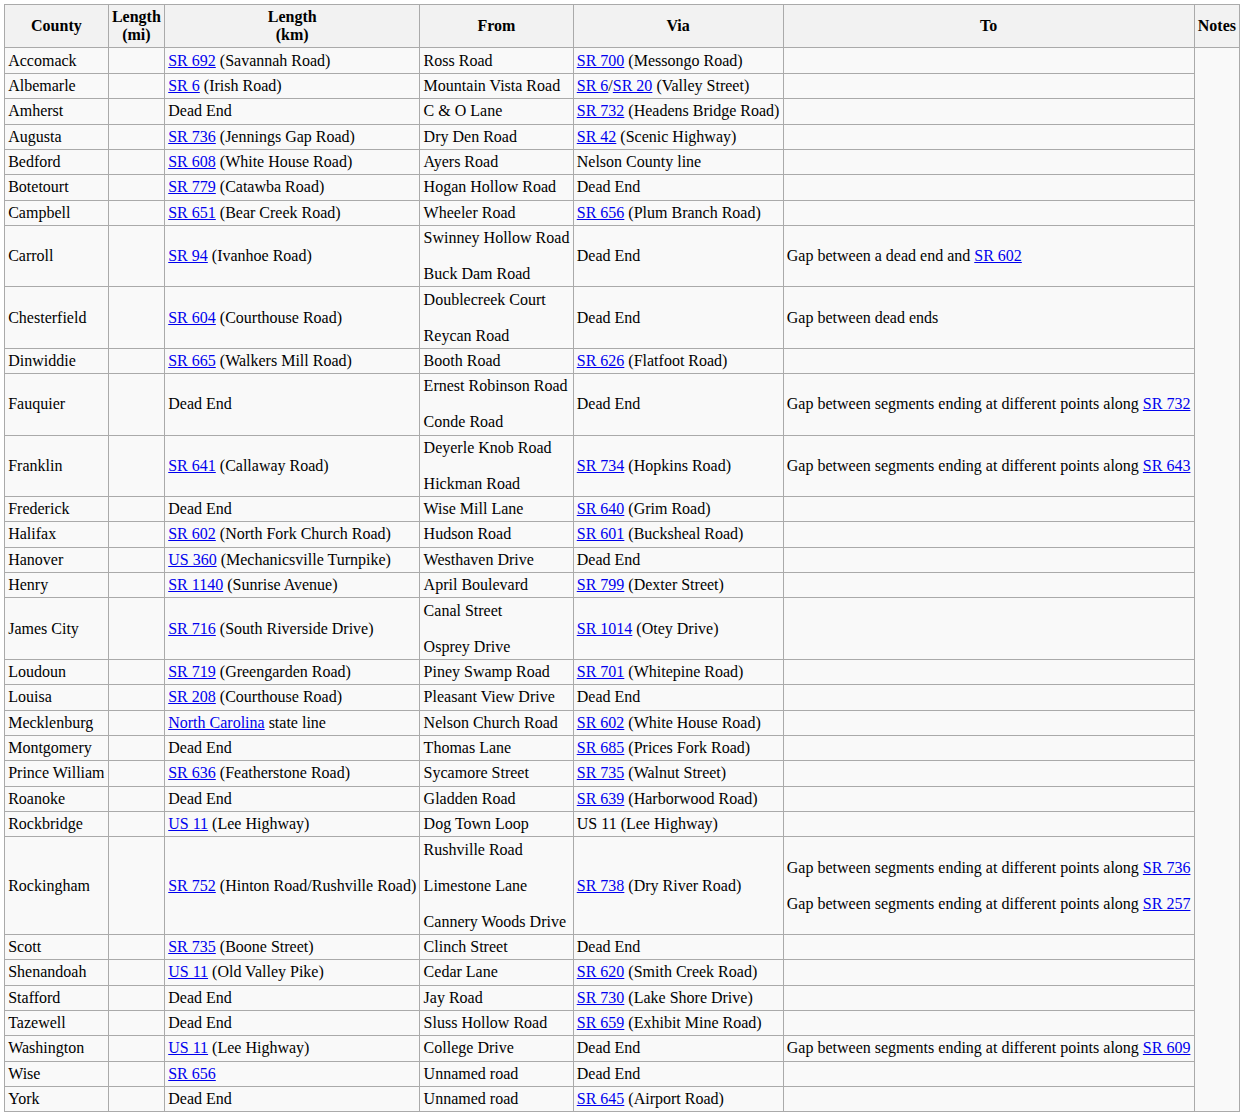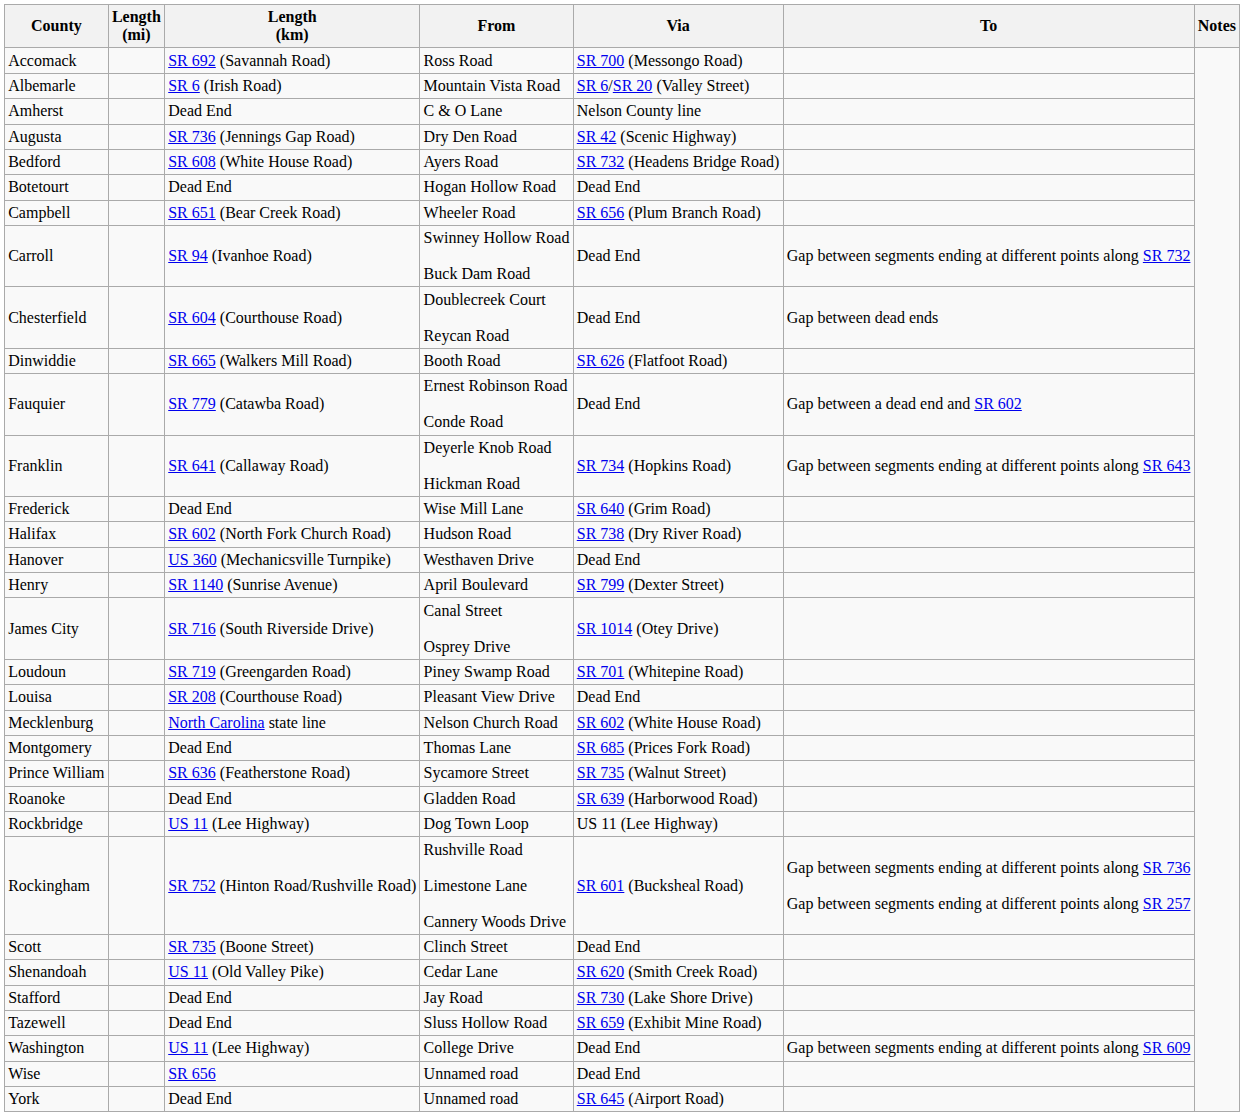 <table class="wikitable sortable">
 <tr>
 <th>County</th>
 <th>Length<br>(mi)</th>
 <th>Length<br>(km)</th>
 <th class="unsortable">From</th>
 <th class="unsortable">Via</th>
 <th class="unsortable">To</th>
 <th class="unsortable">Notes</th>
 </tr>
 <tr>
 <td id="Accomack">Accomack</td>
 <td></td>
 <td><a href='#'>SR 692</a> (Savannah Road)</td>
 <td>Ross Road</td>
 <td><a href='#'>SR 700</a> (Messongo Road)</td>
 <td></td>
 </tr>
 <tr>
 <td id="Albemarle">Albemarle</td>
 <td></td>
 <td><a href='#'>SR 6</a> (Irish Road)</td>
 <td>Mountain Vista Road</td>
 <td><a href='#'>SR 6</a>/<a href='#'>SR 20</a> (Valley Street)</td>
 <td><br> </td>
 </tr>
 <tr>
 <td id="Amherst">Amherst</td>
 <td></td>
 <td>Dead End</td>
 <td>C & O Lane</td>
-<td><a href='#'>SR 732</a> (Headens Bridge Road)</td>
+<td>Nelson County line</td>
 <td><br> </td>
 </tr>
 <tr>
 <td id="Augusta">Augusta</td>
 <td></td>
 <td><a href='#'>SR 736</a> (Jennings Gap Road)</td>
 <td>Dry Den Road</td>
 <td><a href='#'>SR 42</a> (Scenic Highway)</td>
 <td><br></td>
 </tr>
 <tr>
 <td id="Bedford">Bedford</td>
 <td></td>
 <td><a href='#'>SR 608</a> (White House Road)</td>
 <td>Ayers Road</td>
-<td>Nelson County line</td>
+<td><a href='#'>SR 732</a> (Headens Bridge Road)</td>
 <td><br></td>
 </tr>
 <tr>
 <td id="Botetourt">Botetourt</td>
 <td></td>
-<td><a href='#'>SR 779</a> (Catawba Road)</td>
+<td>Dead End</td>
 <td>Hogan Hollow Road</td>
 <td>Dead End</td>
 <td><br>  </td>
 </tr>
 <tr>
 <td id="Campbell">Campbell</td>
 <td></td>
 <td><a href='#'>SR 651</a> (Bear Creek Road)</td>
 <td>Wheeler Road</td>
 <td><a href='#'>SR 656</a> (Plum Branch Road)</td>
 <td><br></td>
 </tr>
 <tr>
 <td id="Carroll">Carroll</td>
 <td></td>
 <td><a href='#'>SR 94</a> (Ivanhoe Road)</td>
 <td>Swinney Hollow Road<br><br>Buck Dam Road</td>
 <td>Dead End</td>
-<td>Gap between a dead end and <a href='#'>SR 602</a><br> </td>
+<td>Gap between segments ending at different points along <a href='#'>SR 732</a><br> </td>
 </tr>
 <tr>
 <td id="Chesterfield">Chesterfield</td>
 <td></td>
 <td><a href='#'>SR 604</a> (Courthouse Road)</td>
 <td>Doublecreek Court<br><br>Reycan Road</td>
 <td>Dead End</td>
 <td>Gap between dead ends<br>    </td>
 </tr>
 <tr>
 <td id="Dinwiddie">Dinwiddie</td>
 <td></td>
 <td><a href='#'>SR 665</a> (Walkers Mill Road)</td>
 <td>Booth Road</td>
 <td><a href='#'>SR 626</a> (Flatfoot Road)</td>
 <td><br> </td>
 </tr>
 <tr>
 <td id="Fauquier">Fauquier</td>
 <td></td>
-<td>Dead End</td>
+<td><a href='#'>SR 779</a> (Catawba Road)</td>
 <td>Ernest Robinson Road<br><br>Conde Road</td>
 <td>Dead End</td>
-<td>Gap between segments ending at different points along <a href='#'>SR 732</a><br> </td>
+<td>Gap between a dead end and <a href='#'>SR 602</a><br> </td>
 </tr>
 <tr>
 <td id="Franklin">Franklin</td>
 <td></td>
 <td><a href='#'>SR 641</a> (Callaway Road)</td>
 <td>Deyerle Knob Road<br><br>Hickman Road</td>
 <td><a href='#'>SR 734</a> (Hopkins Road)</td>
 <td>Gap between segments ending at different points along <a href='#'>SR 643</a></td>
 </tr>
 <tr>
 <td id="Frederick">Frederick</td>
 <td></td>
 <td>Dead End</td>
 <td>Wise Mill Lane</td>
 <td><a href='#'>SR 640</a> (Grim Road)</td>
 <td><br>     </td>
 </tr>
 <tr>
 <td id="Halifax">Halifax</td>
 <td></td>
 <td><a href='#'>SR 602</a> (North Fork Church Road)</td>
 <td>Hudson Road</td>
-<td><a href='#'>SR 601</a> (Bucksheal Road)</td>
+<td><a href='#'>SR 738</a> (Dry River Road)</td>
 <td></td>
 </tr>
 <tr>
 <td id="Hanover">Hanover</td>
 <td></td>
 <td><a href='#'>US 360</a> (Mechanicsville Turnpike)</td>
 <td>Westhaven Drive</td>
 <td>Dead End</td>
 <td><br></td>
 </tr>
 <tr>
 <td id="Henry">Henry</td>
 <td></td>
 <td><a href='#'>SR 1140</a> (Sunrise Avenue)</td>
 <td>April Boulevard</td>
 <td><a href='#'>SR 799</a> (Dexter Street)</td>
 <td><br> </td>
 </tr>
 <tr>
 <td id="James City">James City</td>
 <td></td>
 <td><a href='#'>SR 716</a> (South Riverside Drive)</td>
 <td>Canal Street<br><br>Osprey Drive</td>
 <td><a href='#'>SR 1014</a> (Otey Drive)</td>
 <td><br>    </td>
 </tr>
 <tr>
 <td id="Loudoun">Loudoun</td>
 <td></td>
 <td><a href='#'>SR 719</a> (Greengarden Road)</td>
 <td>Piney Swamp Road</td>
 <td><a href='#'>SR 701</a> (Whitepine Road)</td>
 <td></td>
 </tr>
 <tr>
 <td id="Louisa">Louisa</td>
 <td></td>
 <td><a href='#'>SR 208</a> (Courthouse Road)</td>
 <td>Pleasant View Drive</td>
 <td>Dead End</td>
 <td><br>  </td>
 </tr>
 <tr>
 <td id="Mecklenburg">Mecklenburg</td>
 <td></td>
 <td><a href='#'>North Carolina</a> state line</td>
 <td>Nelson Church Road</td>
 <td><a href='#'>SR 602</a> (White House Road)</td>
 <td><br></td>
 </tr>
 <tr>
 <td id="Montgomery">Montgomery</td>
 <td></td>
 <td>Dead End</td>
 <td>Thomas Lane</td>
 <td><a href='#'>SR 685</a> (Prices Fork Road)</td>
 <td><br>           </td>
 </tr>
 <tr>
 <td id="Prince William">Prince William</td>
 <td></td>
 <td><a href='#'>SR 636</a> (Featherstone Road)</td>
 <td>Sycamore Street</td>
 <td><a href='#'>SR 735</a> (Walnut Street)</td>
 <td><br>  </td>
 </tr>
 <tr>
 <td id="Roanoke">Roanoke</td>
 <td></td>
 <td>Dead End</td>
 <td>Gladden Road</td>
 <td><a href='#'>SR 639</a> (Harborwood Road)</td>
 <td></td>
 </tr>
 <tr>
 <td id="Rockbridge">Rockbridge</td>
 <td></td>
 <td><a href='#'>US 11</a> (Lee Highway)</td>
 <td>Dog Town Loop</td>
 <td>US 11 (Lee Highway)</td>
 <td></td>
 </tr>
 <tr>
 <td id="Rockingham">Rockingham</td>
 <td></td>
 <td><a href='#'>SR 752</a> (Hinton Road/Rushville Road)</td>
 <td>Rushville Road<br><br>Limestone Lane<br><br>Cannery Woods Drive</td>
-<td><a href='#'>SR 738</a> (Dry River Road)</td>
+<td><a href='#'>SR 601</a> (Bucksheal Road)</td>
 <td>Gap between segments ending at different points along <a href='#'>SR 736</a><br><br>Gap between segments ending at different points along <a href='#'>SR 257</a><br></td>
 </tr>
 <tr>
 <td id="Scott">Scott</td>
 <td></td>
 <td><a href='#'>SR 735</a> (Boone Street)</td>
 <td>Clinch Street</td>
 <td>Dead End</td>
 <td></td>
 </tr>
 <tr>
 <td id="Shenandoah">Shenandoah</td>
 <td></td>
 <td><a href='#'>US 11</a> (Old Valley Pike)</td>
 <td>Cedar Lane</td>
 <td><a href='#'>SR 620</a> (Smith Creek Road)</td>
 <td><br>  </td>
 </tr>
 <tr>
 <td id="Stafford">Stafford</td>
 <td></td>
 <td>Dead End</td>
 <td>Jay Road</td>
 <td><a href='#'>SR 730</a> (Lake Shore Drive)</td>
 <td><br> </td>
 </tr>
 <tr>
 <td id="Tazewell">Tazewell</td>
 <td></td>
 <td>Dead End</td>
 <td>Sluss Hollow Road</td>
 <td><a href='#'>SR 659</a> (Exhibit Mine Road)</td>
 <td><br></td>
 </tr>
 <tr>
 <td id="Washington">Washington</td>
 <td></td>
 <td><a href='#'>US 11</a> (Lee Highway)</td>
 <td>College Drive</td>
 <td>Dead End</td>
 <td>Gap between segments ending at different points along <a href='#'>SR 609</a><br></td>
 </tr>
 <tr>
 <td id="Wise">Wise</td>
 <td></td>
 <td><a href='#'>SR 656</a></td>
 <td>Unnamed road</td>
 <td>Dead End</td>
 <td><br></td>
 </tr>
 <tr>
 <td id="York">York</td>
 <td></td>
 <td>Dead End</td>
 <td>Unnamed road</td>
 <td><a href='#'>SR 645</a> (Airport Road)</td>
 <td></td>
 </tr>
 </table>
